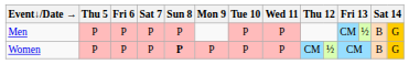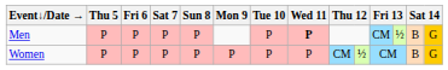 <table class="wikitable" style="margin:0.5em auto; font-size:90%; line-height:1.25em;">
 <tr style="text-align:center;">
 <th>Event↓/Date →</th>
 <th>Thu 5</th>
 <th>Fri 6</th>
 <th>Sat 7</th>
 <th>Sun 8</th>
 <th>Mon 9</th>
 <th>Tue 10</th>
 <th>Wed 11</th>
 <th colspan=2>Thu 12</th>
 <th colspan=2>Fri 13</th>
 <th colspan=2>Sat 14</th>
 </tr>
 <tr style="text-align:center;">
 <td style="text-align:left;"><a href='#'>Men</a></td>
 <td style="background-color:#FFBBBB;">P</td>
 <td style="background-color:#FFBBBB;">P</td>
 <td style="background-color:#FFBBBB;">P</td>
 <td style="background-color:#FFBBBB;">P</td>
 <td></td>
 <td style="background-color:#FFBBBB;">P</td>
-<td style="background-color:#FFBBBB;">P</td>
+<td style="background-color:#FFBBBB;"><strong>P</strong></td>
 <td colspan=2></td>
 <td style="background-color:#97DEFF;">CM</td>
 <td style="background-color:#D9FFB2;">½</td>
 <td style="background-color:#FEDCBA;">B</td>
 <td style="background-color:#fc0;">G</td>
 </tr>
 <tr style="text-align:center;">
 <td style="text-align:left;"><a href='#'>Women</a></td>
 <td style="background-color:#FFBBBB;">P</td>
 <td style="background-color:#FFBBBB;">P</td>
 <td style="background-color:#FFBBBB;">P</td>
-<td style="background-color:#FFBBBB;"><strong>P</strong></td>
+<td style="background-color:#FFBBBB;">P</td>
 <td style="background-color:#FFBBBB;">P</td>
 <td style="background-color:#FFBBBB;">P</td>
 <td style="background-color:#FFBBBB;">P</td>
 <td style="background-color:#97DEFF;">CM</td>
 <td style="background-color:#D9FFB2;">½</td>
 <td colspan=2 style="background-color:#97DEFF;">CM</td>
 <td style="background-color:#FEDCBA;">B</td>
 <td style="background-color:#fc0;">G</td>
 </tr>
 </table>
